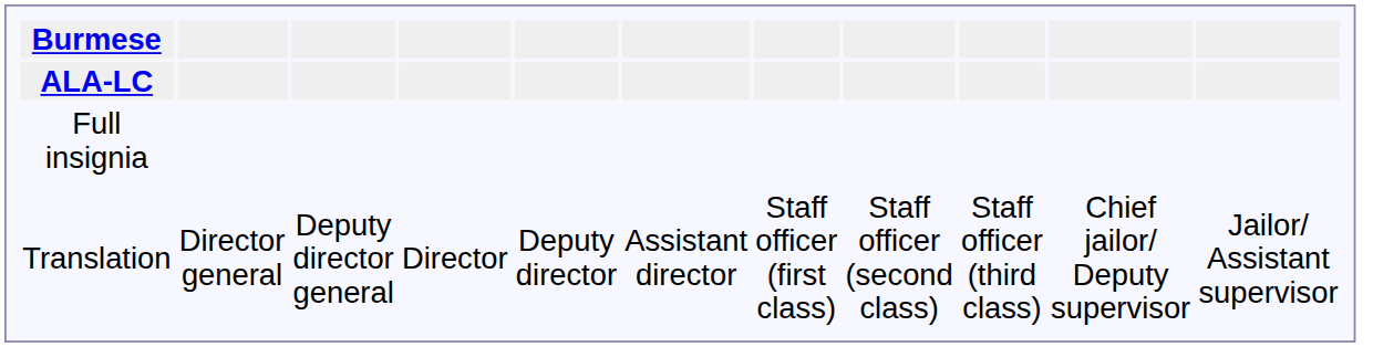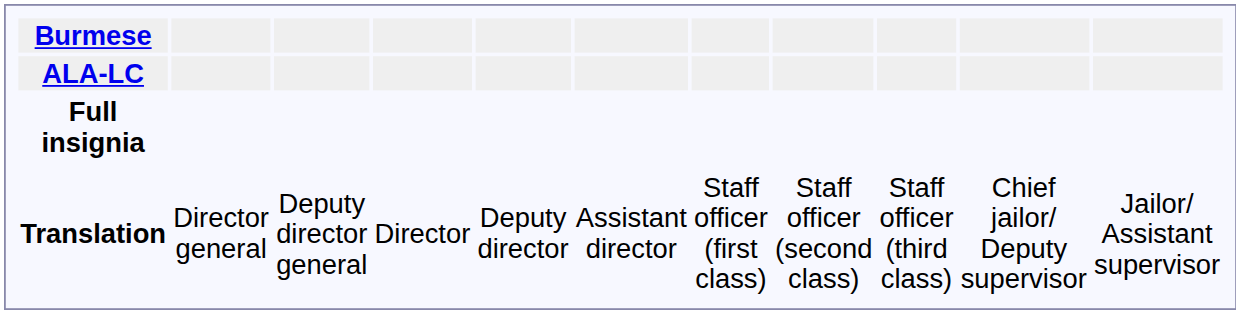 <table style="border:1px solid #8888aa; background-color:#f7f8ff; padding:5px; font-size:95%; margin: 0px 12px 12px 0px;">
 <tr style="text-align:center; background:#efefef;">
 <th><a href='#'>Burmese</a></th>
 <td colspan=4></td>
 <td colspan=2></td>
 <td colspan=2></td>
 <td colspan=2></td>
 <td colspan=2></td>
 <td colspan=2></td>
 <td colspan=2></td>
 <td colspan=2></td>
 <td colspan=3></td>
 <td colspan=3></td>
 </tr>
 <tr style="text-align:center; background:#efefef;">
 <th><a href='#'>ALA-LC</a></th>
 <td colspan=4></td>
 <td colspan=2></td>
 <td colspan=2></td>
 <td colspan=2></td>
 <td colspan=2></td>
 <td colspan=2></td>
 <td colspan=2></td>
 <td colspan=2></td>
 <td colspan=3></td>
 <td colspan=3></td>
 </tr>
 <tr style="text-align:center;">
-<td>Full insignia</td>
+<td><strong>Full insignia</strong></td>
 <td colspan=4></td>
 <td colspan=2></td>
 <td colspan=2></td>
 <td colspan=2></td>
 <td colspan=2></td>
 <td colspan=2></td>
 <td colspan=2></td>
 <td colspan=2></td>
 <td colspan=3></td>
 <td colspan=3></td>
 </tr>
 <tr style="text-align:center;">
 <td colspan=38></td>
 </tr>
 <tr style="text-align:center;">
-<td>Translation</td>
+<td><strong>Translation</strong></td>
 <td colspan=4>Director general</td>
 <td colspan=2>Deputy director general</td>
 <td colspan=2>Director</td>
 <td colspan=2>Deputy director</td>
 <td colspan=2>Assistant director</td>
 <td colspan=2>Staff officer (first class)</td>
 <td colspan=2>Staff officer (second class)</td>
 <td colspan=2>Staff officer (third class)</td>
 <td colspan=3>Chief jailor/<br>Deputy supervisor</td>
 <td colspan=3>Jailor/<br>Assistant supervisor</td>
 </tr>
 </table>
